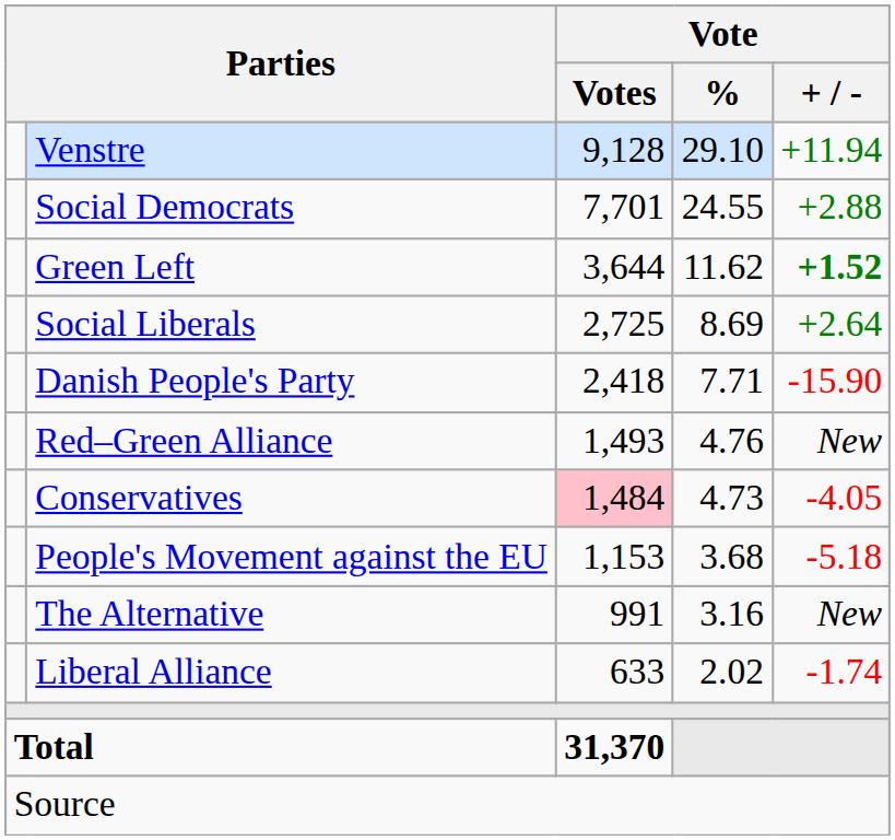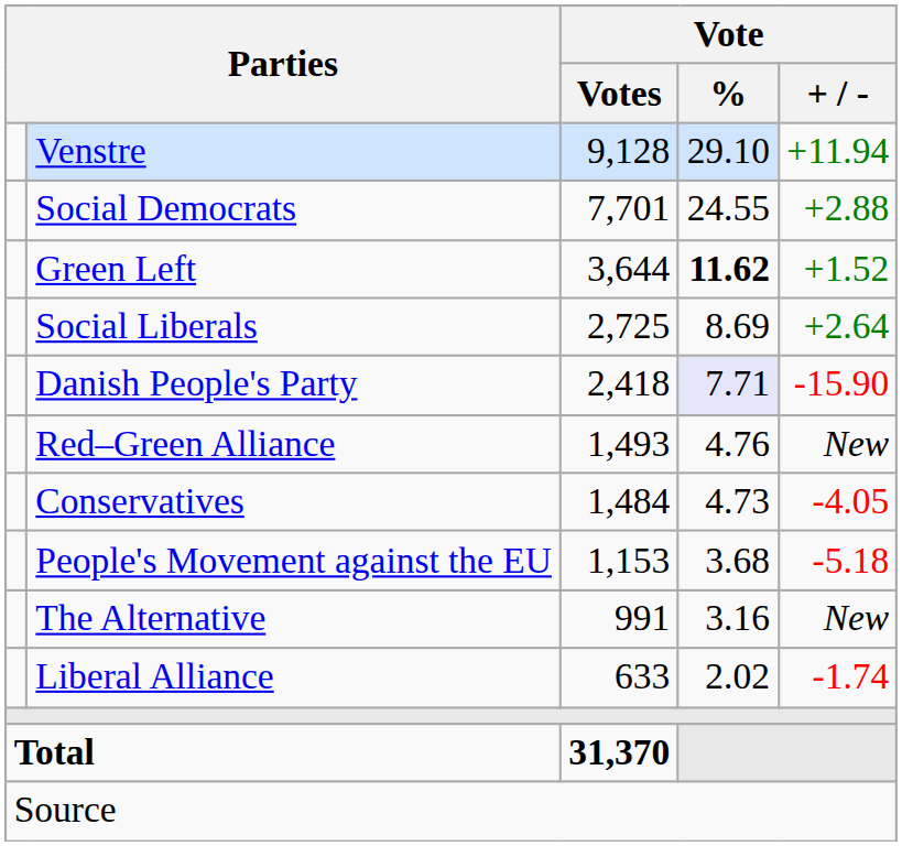 <table class="wikitable" style="text-align:right;">
 <tr>
 <th style="text-align:centre;" rowspan="2" colspan="2" width="225">Parties</th>
 <th colspan="3">Vote</th>
 </tr>
 <tr>
 <th width="15">Votes</th>
 <th width="15">%</th>
 <th width="15">+ / -</th>
 </tr>
 <tr>
 <td width="2" style="color:inherit;background:"></td>
 <td bgcolor=#cfe5fe   align="left"><a href='#'>Venstre</a></td>
 <td bgcolor=#cfe5fe>9,128</td>
 <td bgcolor=#cfe5fe>29.10</td>
 <td style=color:green;>+11.94</td>
 </tr>
 <tr>
 <td width="2" style="color:inherit;background:"></td>
 <td align="left"><a href='#'>Social Democrats</a></td>
 <td>7,701</td>
 <td>24.55</td>
 <td style=color:green;>+2.88</td>
 </tr>
 <tr>
 <td width="2" style="color:inherit;background:"></td>
 <td align="left"><a href='#'>Green Left</a></td>
 <td>3,644</td>
-<td>11.62</td>
-<td style=color:green;><strong>+1.52</strong></td>
+<td><strong>11.62</strong></td>
+<td style=color:green;>+1.52</td>
 </tr>
 <tr>
 <td width="2" style="color:inherit;background:"></td>
 <td align="left"><a href='#'>Social Liberals</a></td>
 <td>2,725</td>
 <td>8.69</td>
 <td style=color:green;>+2.64</td>
 </tr>
 <tr>
 <td width="2" style="color:inherit;background:"></td>
 <td align="left"><a href='#'>Danish People's Party</a></td>
 <td>2,418</td>
-<td>7.71</td>
+<td style="background: lavender;">7.71</td>
 <td style=color:red;>-15.90</td>
 </tr>
 <tr>
 <td width="2" style="color:inherit;background:"></td>
 <td align="left"><a href='#'>Red–Green Alliance</a></td>
 <td>1,493</td>
 <td>4.76</td>
 <td><em>New</em></td>
 </tr>
 <tr>
 <td width="2" style="color:inherit;background:"></td>
 <td align="left"><a href='#'>Conservatives</a></td>
-<td style="background: pink;">1,484</td>
+<td>1,484</td>
 <td>4.73</td>
 <td style=color:red;>-4.05</td>
 </tr>
 <tr>
 <td width="2" style="color:inherit;background:"></td>
 <td align="left"><a href='#'>People's Movement against the EU</a></td>
 <td>1,153</td>
 <td>3.68</td>
 <td style=color:red;>-5.18</td>
 </tr>
 <tr>
 <td width="2" style="color:inherit;background:"></td>
 <td align="left"><a href='#'>The Alternative</a></td>
 <td>991</td>
 <td>3.16</td>
 <td><em>New</em></td>
 </tr>
 <tr>
 <td width="2" style="color:inherit;background:"></td>
 <td align="left"><a href='#'>Liberal Alliance</a></td>
 <td>633</td>
 <td>2.02</td>
 <td style=color:red;>-1.74</td>
 </tr>
 <tr>
 <td colspan="7" bgcolor="#E9E9E9"></td>
 </tr>
 <tr>
 <td align="left" colspan="2"><strong>Total</strong></td>
 <td><strong>31,370</strong></td>
 <td bgcolor="#E9E9E9" colspan="2"></td>
 </tr>
 <tr>
 <td align="left" colspan="6">Source</td>
 </tr>
 </table>
